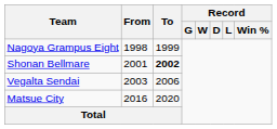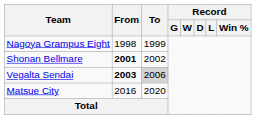 <table class="wikitable" style="text-align: center">
 <tr>
 <th rowspan="2">Team</th>
 <th rowspan="2">From</th>
 <th rowspan="2">To</th>
 <th colspan="5">Record</th>
 </tr>
 <tr>
 <th>G</th>
 <th>W</th>
 <th>D</th>
 <th>L</th>
 <th>Win %</th>
 </tr>
 <tr>
 <td align="left"><a href='#'>Nagoya Grampus Eight</a></td>
 <td align="left">1998</td>
 <td align="left">1999<br></td>
 </tr>
 <tr>
 <td align="left"><a href='#'>Shonan Bellmare</a></td>
-<td align="left">2001</td>
-<td align="left"><strong>2002<br></strong></td>
+<td align="left"><strong>2001</strong></td>
+<td align="left">2002<br></td>
 </tr>
 <tr>
 <td align="left"><a href='#'>Vegalta Sendai</a></td>
-<td align="left">2003</td>
-<td align="left">2006<br></td>
+<td align="left"><strong>2003</strong></td>
+<td align="left" style="background: lightgrey;">2006<br></td>
 </tr>
 <tr>
 <td align="left"><a href='#'>Matsue City</a></td>
 <td align="left">2016</td>
 <td align="left">2020<br></td>
 </tr>
 <tr>
 <th colspan="3">Total<br></th>
 </tr>
 </table>
